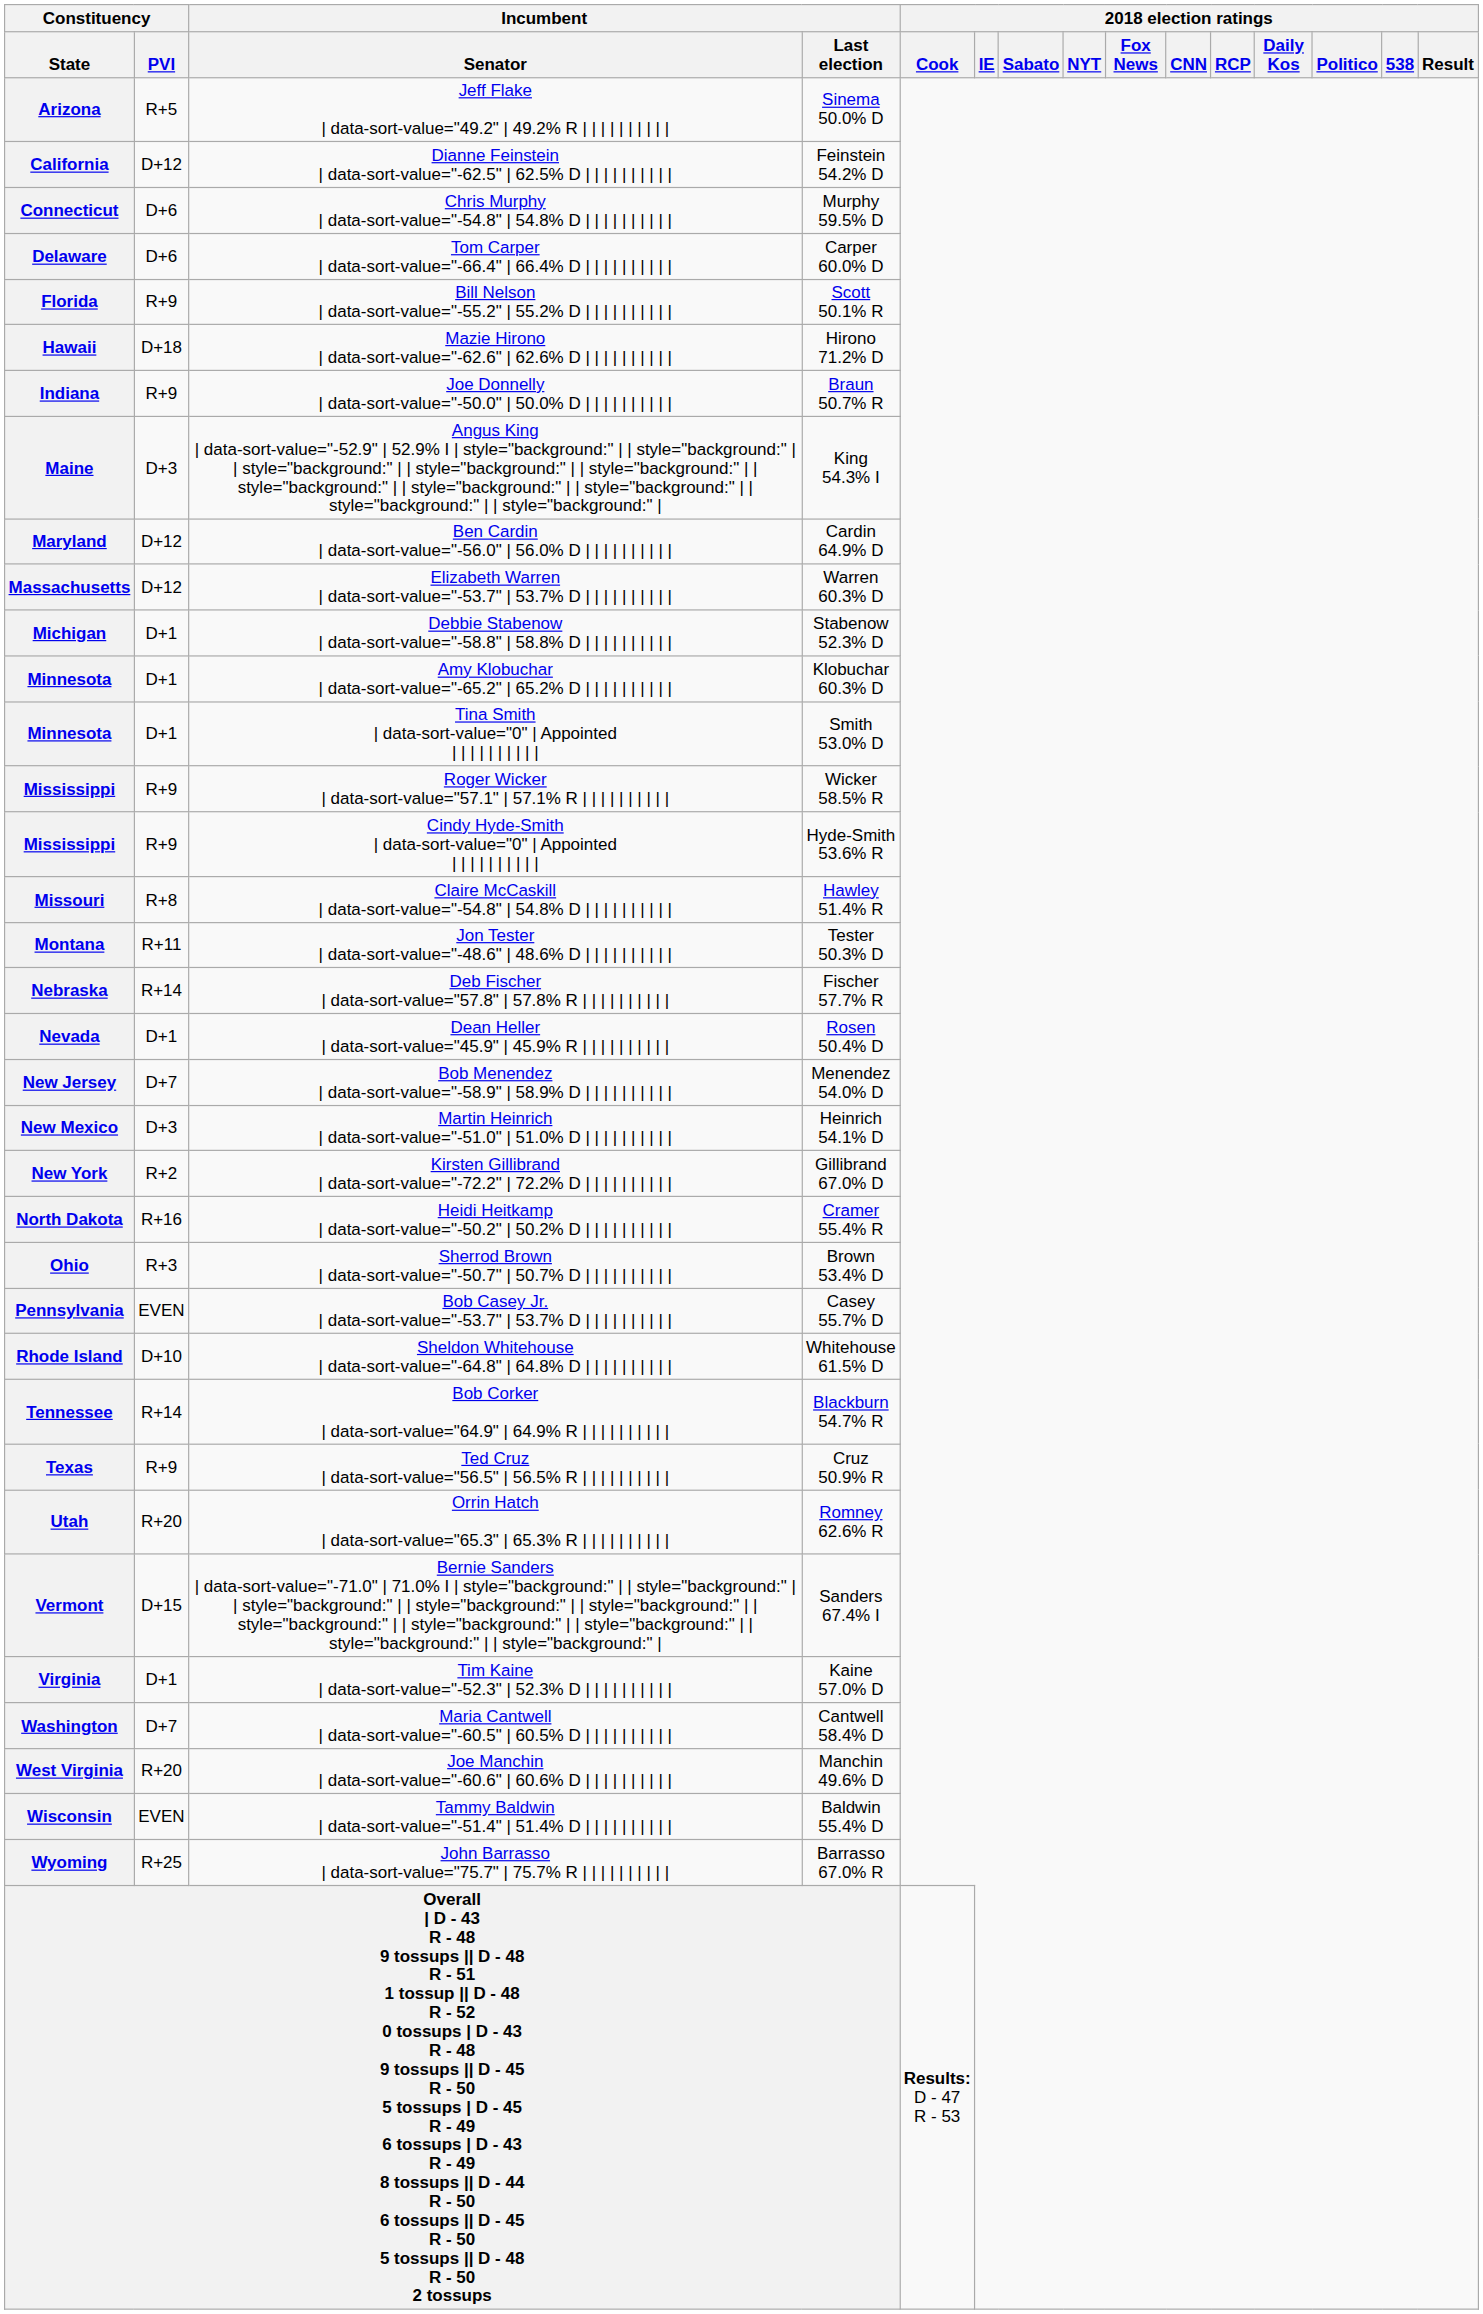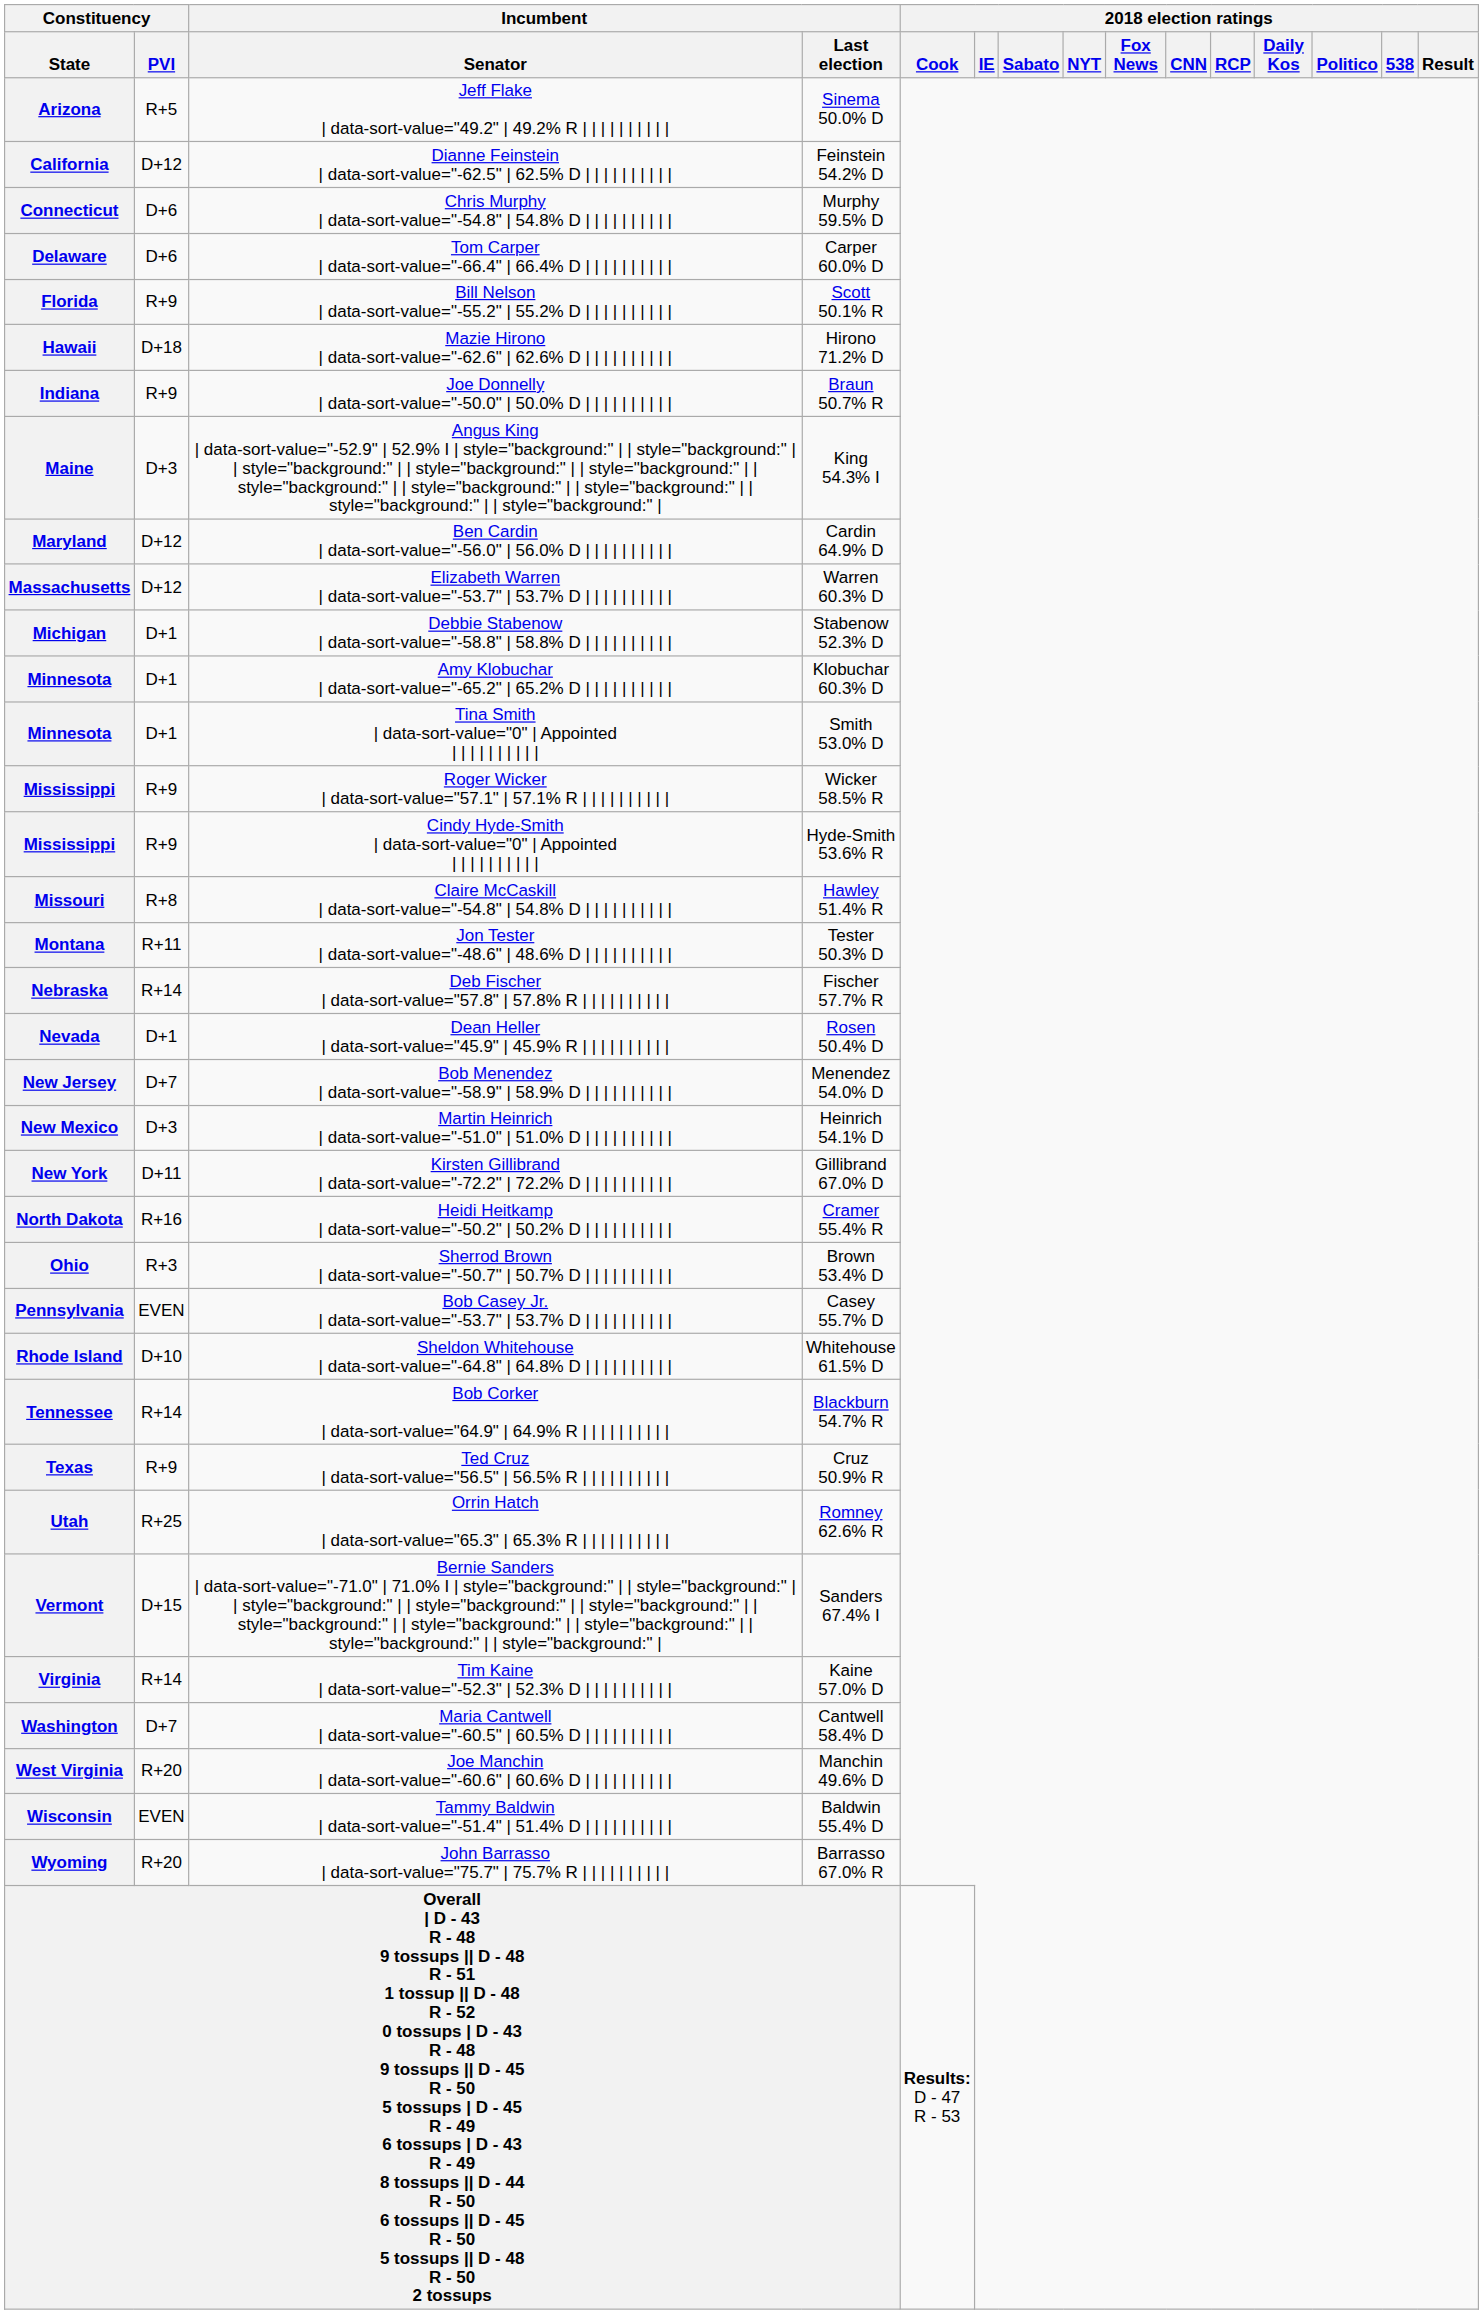 <table class="wikitable sortable" style="text-align:center; font-size:90%">
 <tr style="vertical-align:bottom">
 <th colspan=2>Constituency</th>
 <th colspan=2>Incumbent</th>
 <th colspan="11">2018 election ratings</th>
 </tr>
 <tr style="vertical-align:bottom">
 <th>State</th>
 <th><a href='#'>PVI</a></th>
 <th>Senator</th>
 <th data-sort-type="number">Last<br>election</th>
 <th><a href='#'>Cook</a><br></th>
 <th><a href='#'>IE</a><br></th>
 <th><a href='#'>Sabato</a><br></th>
 <th><a href='#'>NYT</a><br></th>
 <th><a href='#'>Fox News</a><br></th>
 <th><a href='#'>CNN</a><br></th>
 <th><a href='#'>RCP</a><br></th>
 <th><a href='#'>Daily Kos</a><br></th>
 <th><a href='#'>Politico</a><br></th>
 <th><a href='#'>538</a><br></th>
 <th>Result</th>
 </tr>
 <tr>
 <th><a href='#'>Arizona</a></th>
 <td>R+5</td>
 <td><a href='#'>Jeff Flake</a><br><br>|  data-sort-value="49.2" | 49.2% R |   |  |  |  |  |  |  |  |  | </td>
 <td><a href='#'>Sinema</a><br>50.0% D </td>
 </tr>
 <tr>
 <th><a href='#'>California</a></th>
 <td>D+12</td>
 <td><a href='#'>Dianne Feinstein</a><br>|  data-sort-value="-62.5" | 62.5% D  |   |  |  |  |  |  |  |  |  | </td>
 <td>Feinstein<br>54.2% D</td>
 </tr>
 <tr>
 <th><a href='#'>Connecticut</a></th>
 <td>D+6</td>
 <td><a href='#'>Chris Murphy</a><br>|  data-sort-value="-54.8" | 54.8% D |   |  |  |  |  |  |  |  |  | </td>
 <td>Murphy<br>59.5% D</td>
 </tr>
 <tr>
 <th><a href='#'>Delaware</a></th>
 <td>D+6</td>
 <td><a href='#'>Tom Carper</a><br>|  data-sort-value="-66.4" | 66.4% D |   |  |  |  |  |  |  |  |  | </td>
 <td>Carper<br>60.0% D</td>
 </tr>
 <tr>
 <th><a href='#'>Florida</a></th>
 <td>R+9</td>
 <td><a href='#'>Bill Nelson</a><br>|  data-sort-value="-55.2" | 55.2% D |   |  |  |  |  |  |  |  |  | </td>
 <td><a href='#'>Scott</a><br>50.1% R </td>
 </tr>
 <tr>
 <th><a href='#'>Hawaii</a></th>
 <td>D+18</td>
 <td><a href='#'>Mazie Hirono</a><br>|  data-sort-value="-62.6" | 62.6% D |   |  |  |  |  |  |  |  |  | </td>
 <td>Hirono<br>71.2% D</td>
 </tr>
 <tr>
 <th><a href='#'>Indiana</a></th>
 <td>R+9</td>
 <td><a href='#'>Joe Donnelly</a><br>|  data-sort-value="-50.0" | 50.0% D |   |  |  |  |  |  |  |  |  | </td>
 <td><a href='#'>Braun</a><br>50.7% R </td>
 </tr>
 <tr>
 <th><a href='#'>Maine</a></th>
 <td>D+3</td>
 <td><a href='#'>Angus King</a><br>|  data-sort-value="-52.9" | 52.9% I | style="background:" |  | style="background:" | | style="background:" | | style="background:" | | style="background:" | | style="background:" | | style="background:" | | style="background:" | | style="background:" | | style="background:" |</td>
 <td>King<br>54.3% I</td>
 </tr>
 <tr>
 <th><a href='#'>Maryland</a></th>
 <td>D+12</td>
 <td><a href='#'>Ben Cardin</a><br>|  data-sort-value="-56.0" | 56.0% D |   |  |  |  |  |  |  |  |  | </td>
 <td>Cardin<br>64.9% D</td>
 </tr>
 <tr>
 <th><a href='#'>Massachusetts</a></th>
 <td>D+12</td>
 <td><a href='#'>Elizabeth Warren</a><br>|  data-sort-value="-53.7" | 53.7% D |   |  |  |  |  |  |  |  |  | </td>
 <td>Warren<br>60.3% D</td>
 </tr>
 <tr>
 <th><a href='#'>Michigan</a></th>
 <td>D+1</td>
 <td><a href='#'>Debbie Stabenow</a><br>|  data-sort-value="-58.8" | 58.8% D |   |  |  |  |  |  |  |  |  | </td>
 <td>Stabenow<br>52.3% D</td>
 </tr>
 <tr>
 <th><a href='#'>Minnesota</a><br></th>
 <td>D+1</td>
 <td><a href='#'>Amy Klobuchar</a><br>|  data-sort-value="-65.2" | 65.2% D |   |  |  |  |  |  |  |  |  | </td>
 <td>Klobuchar<br>60.3% D</td>
 </tr>
 <tr>
 <th><a href='#'>Minnesota</a><br></th>
 <td>D+1</td>
 <td><a href='#'>Tina Smith</a><br>|  data-sort-value="0" | Appointed<br> |   |  |  |  |  |  |  |  |  | </td>
 <td>Smith<br>53.0% D</td>
 </tr>
 <tr>
 <th><a href='#'>Mississippi</a><br></th>
 <td>R+9</td>
 <td><a href='#'>Roger Wicker</a><br>|  data-sort-value="57.1" | 57.1% R |   |  |  |  |  |  |  |  |  | </td>
 <td>Wicker<br>58.5% R</td>
 </tr>
 <tr>
 <th><a href='#'>Mississippi</a><br></th>
 <td>R+9</td>
 <td><a href='#'>Cindy Hyde-Smith</a><br>|  data-sort-value="0" | Appointed<br> |   |  |  |  |  |  |  |  |  | </td>
 <td>Hyde-Smith<br>53.6% R</td>
 </tr>
 <tr>
 <th><a href='#'>Missouri</a></th>
 <td>R+8</td>
 <td><a href='#'>Claire McCaskill</a><br>|  data-sort-value="-54.8" | 54.8% D |   |  |  |  |  |  |  |  |  | </td>
 <td><a href='#'>Hawley</a><br>51.4% R </td>
 </tr>
 <tr>
 <th><a href='#'>Montana</a></th>
 <td>R+11</td>
 <td><a href='#'>Jon Tester</a><br>|  data-sort-value="-48.6" | 48.6% D |   |  |  |  |  |  |  |  |  | </td>
 <td>Tester<br>50.3% D</td>
 </tr>
 <tr>
 <th><a href='#'>Nebraska</a></th>
 <td>R+14</td>
 <td><a href='#'>Deb Fischer</a><br>|  data-sort-value="57.8" | 57.8% R |   |  |  |  |  |  |  |  |  | </td>
 <td>Fischer<br>57.7% R</td>
 </tr>
 <tr>
 <th><a href='#'>Nevada</a></th>
 <td>D+1</td>
 <td><a href='#'>Dean Heller</a><br>|  data-sort-value="45.9" | 45.9% R |   |  |  |  |  |  |  |  |  | </td>
 <td><a href='#'>Rosen</a><br>50.4% D </td>
 </tr>
 <tr>
 <th><a href='#'>New Jersey</a></th>
 <td>D+7</td>
 <td><a href='#'>Bob Menendez</a><br>|  data-sort-value="-58.9" | 58.9% D |   |  |  |  |  |  |  |  |  | </td>
 <td>Menendez<br>54.0% D</td>
 </tr>
 <tr>
 <th><a href='#'>New Mexico</a></th>
 <td>D+3</td>
 <td><a href='#'>Martin Heinrich</a><br>|  data-sort-value="-51.0" | 51.0% D |   |  |  |  |  |  |  |  |  | </td>
 <td>Heinrich<br>54.1% D</td>
 </tr>
 <tr>
 <th><a href='#'>New York</a></th>
-<td>R+2</td>
+<td>D+11</td>
 <td><a href='#'>Kirsten Gillibrand</a><br>|  data-sort-value="-72.2" | 72.2% D |   |  |  |  |  |  |  |  |  | </td>
 <td>Gillibrand<br>67.0% D</td>
 </tr>
 <tr>
 <th><a href='#'>North Dakota</a></th>
 <td>R+16</td>
 <td><a href='#'>Heidi Heitkamp</a><br>|  data-sort-value="-50.2" | 50.2% D |   |  |  |  |  |  |  |  |  | </td>
 <td><a href='#'>Cramer</a><br>55.4% R </td>
 </tr>
 <tr>
 <th><a href='#'>Ohio</a></th>
 <td>R+3</td>
 <td><a href='#'>Sherrod Brown</a><br>|  data-sort-value="-50.7" | 50.7% D |   |  |  |  |  |  |  |  |  | </td>
 <td>Brown<br>53.4% D</td>
 </tr>
 <tr>
 <th><a href='#'>Pennsylvania</a></th>
 <td data-sort-value=0>EVEN</td>
 <td><a href='#'>Bob Casey Jr.</a><br>|  data-sort-value="-53.7" | 53.7% D |   |  |  |  |  |  |  |  |  | </td>
 <td>Casey<br>55.7% D</td>
 </tr>
 <tr>
 <th><a href='#'>Rhode Island</a></th>
 <td>D+10</td>
 <td><a href='#'>Sheldon Whitehouse</a><br>|  data-sort-value="-64.8" | 64.8% D |   |  |  |  |  |  |  |  |  | </td>
 <td>Whitehouse<br>61.5% D</td>
 </tr>
 <tr>
 <th><a href='#'>Tennessee</a></th>
 <td>R+14</td>
 <td><a href='#'>Bob Corker</a><br><br>|  data-sort-value="64.9" | 64.9% R |   |  |  |  |  |  |  |  |  | </td>
 <td><a href='#'>Blackburn</a><br>54.7% R</td>
 </tr>
 <tr>
 <th><a href='#'>Texas</a></th>
 <td>R+9</td>
 <td><a href='#'>Ted Cruz</a><br>|  data-sort-value="56.5" | 56.5% R |   |  |  |  |  |  |  |  |  | </td>
 <td>Cruz<br>50.9% R</td>
 </tr>
 <tr>
 <th><a href='#'>Utah</a></th>
-<td>R+20</td>
+<td>R+25</td>
 <td><a href='#'>Orrin Hatch</a><br><br>|  data-sort-value="65.3" | 65.3% R |   |  |  |  |  |  |  |  |  | </td>
 <td><a href='#'>Romney</a><br>62.6% R</td>
 </tr>
 <tr>
 <th><a href='#'>Vermont</a></th>
 <td>D+15</td>
 <td><a href='#'>Bernie Sanders</a><br>|  data-sort-value="-71.0" | 71.0% I | style="background:" |  | style="background:" | | style="background:" | | style="background:" | | style="background:" | | style="background:" | | style="background:" | | style="background:" | | style="background:" | | style="background:" |</td>
 <td>Sanders<br>67.4% I</td>
 </tr>
 <tr>
 <th><a href='#'>Virginia</a></th>
-<td>D+1</td>
+<td>R+14</td>
 <td><a href='#'>Tim Kaine</a><br>|  data-sort-value="-52.3" | 52.3% D |   |  |  |  |  |  |  |  |  | </td>
 <td>Kaine<br>57.0% D</td>
 </tr>
 <tr>
 <th><a href='#'>Washington</a></th>
 <td>D+7</td>
 <td><a href='#'>Maria Cantwell</a><br>|  data-sort-value="-60.5" | 60.5% D |   |  |  |  |  |  |  |  |  | </td>
 <td>Cantwell<br>58.4% D</td>
 </tr>
 <tr>
 <th><a href='#'>West Virginia</a></th>
 <td>R+20</td>
 <td><a href='#'>Joe Manchin</a><br>|  data-sort-value="-60.6" | 60.6% D |   |  |  |  |  |  |  |  |  | </td>
 <td>Manchin<br>49.6% D</td>
 </tr>
 <tr>
 <th><a href='#'>Wisconsin</a></th>
 <td data-sort-value=0>EVEN</td>
 <td><a href='#'>Tammy Baldwin</a><br>|  data-sort-value="-51.4" | 51.4% D |   |  |  |  |  |  |  |  |  | </td>
 <td>Baldwin<br>55.4% D</td>
 </tr>
 <tr>
 <th><a href='#'>Wyoming</a></th>
-<td>R+25</td>
+<td>R+20</td>
 <td><a href='#'>John Barrasso</a><br>|  data-sort-value="75.7" | 75.7% R |   |  |  |  |  |  |  |  |  | </td>
 <td>Barrasso<br>67.0% R</td>
 </tr>
 <tr>
 <th colspan=4>Overall<br>| D - 43<br>R - 48<br>9 tossups  || D - 48<br>R - 51<br>1 tossup || D - 48<br>R - 52<br>0 tossups | D - 43<br>R - 48<br>9 tossups || D - 45<br>R - 50<br>5 tossups | D - 45<br>R - 49<br>6 tossups | D - 43<br>R - 49<br>8 tossups || D - 44<br>R - 50<br>6 tossups || D - 45<br>R - 50<br>5 tossups || D - 48<br>R - 50<br>2 tossups</th>
 <td><strong>Results:</strong><br>D - 47<br>R - 53</td>
 </tr>
 </table>
